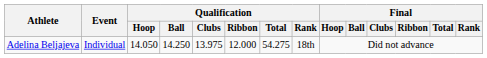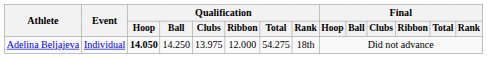 <table class=wikitable style="font-size:90%">
 <tr>
 <th rowspan=2>Athlete</th>
 <th rowspan=2>Event</th>
 <th colspan=6>Qualification</th>
 <th colspan=6>Final</th>
 </tr>
 <tr style="font-size:95%">
 <th>Hoop</th>
 <th>Ball</th>
 <th>Clubs</th>
 <th>Ribbon</th>
 <th>Total</th>
 <th>Rank</th>
 <th>Hoop</th>
 <th>Ball</th>
 <th>Clubs</th>
 <th>Ribbon</th>
 <th>Total</th>
 <th>Rank</th>
 </tr>
 <tr align=center>
 <td align=left><a href='#'>Adelina Beljajeva</a></td>
 <td align=left><a href='#'>Individual</a></td>
-<td>14.050</td>
+<td><strong>14.050</strong></td>
 <td>14.250</td>
 <td>13.975</td>
 <td>12.000</td>
 <td>54.275</td>
 <td>18th</td>
 <td colspan=6>Did not advance</td>
 </tr>
 </table>
